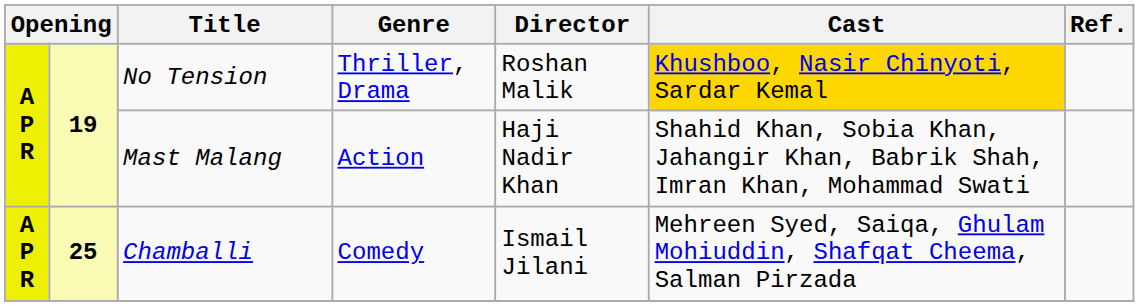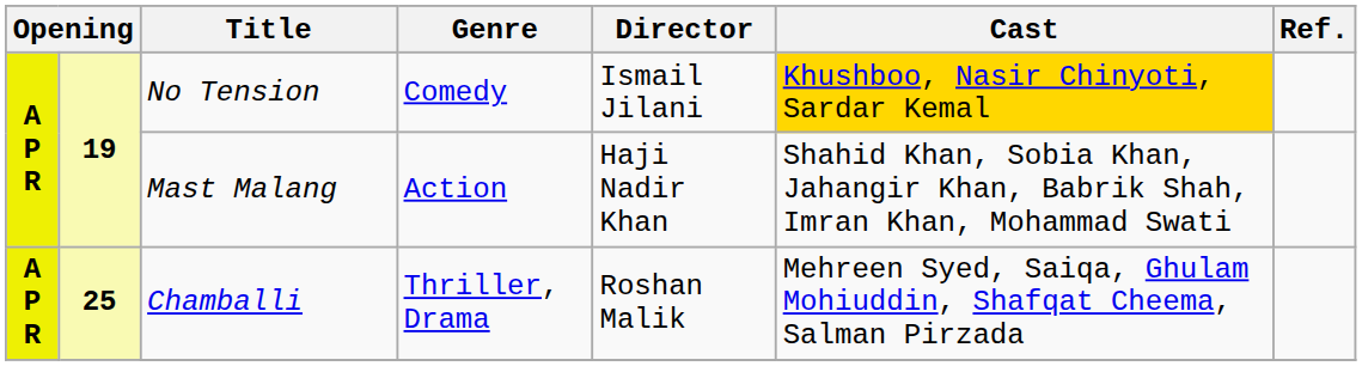 <table class="wikitable">
 <tr style="background:#b0e0e66; text-align:center;">
 <th colspan="2"><strong>Opening</strong></th>
 <th style="width:19%;"><strong>Title</strong></th>
 <th><strong>Genre</strong></th>
 <th><strong>Director</strong></th>
 <th><strong>Cast</strong></th>
 <th><strong>Ref.</strong></th>
 </tr>
 <tr>
 <td rowspan="2" style="text-align:center; background:#eef003;"><strong>A<br>P<br>R</strong></td>
 <td rowspan="2" style="text-align:center; textcolor:#000; background:#f9fab3;"><strong>19</strong></td>
 <td><em>No Tension</em></td>
-<td><a href='#'>Thriller</a>, <a href='#'>Drama</a></td>
-<td>Roshan Malik</td>
+<td><a href='#'>Comedy</a></td>
+<td>Ismail Jilani</td>
 <td style="background: gold;"><a href='#'>Khushboo</a>, <a href='#'>Nasir Chinyoti</a>, Sardar Kemal</td>
 <td></td>
 </tr>
 <tr>
 <td><em>Mast Malang</em></td>
 <td><a href='#'>Action</a></td>
 <td>Haji Nadir Khan</td>
 <td>Shahid Khan, Sobia Khan, Jahangir Khan, Babrik Shah, Imran Khan, Mohammad Swati</td>
 <td></td>
 </tr>
 <tr>
 <td rowspan="2" style="text-align:center; background:#eef003;"><strong>A<br>P<br>R</strong></td>
 <td rowspan="2" style="text-align:center; textcolor:#000; background:#f9fab3;"><strong>25</strong></td>
 <td><a href='#'><em>Chamballi</em></a></td>
-<td><a href='#'>Comedy</a></td>
-<td>Ismail Jilani</td>
+<td><a href='#'>Thriller</a>, <a href='#'>Drama</a></td>
+<td>Roshan Malik</td>
 <td>Mehreen Syed, Saiqa, <a href='#'>Ghulam Mohiuddin</a>, <a href='#'>Shafqat Cheema</a>, Salman Pirzada</td>
 <td></td>
 </tr>
 <tr>
 </tr>
 </table>
